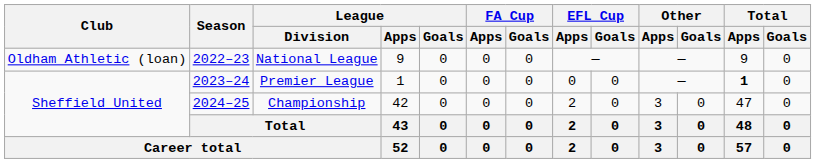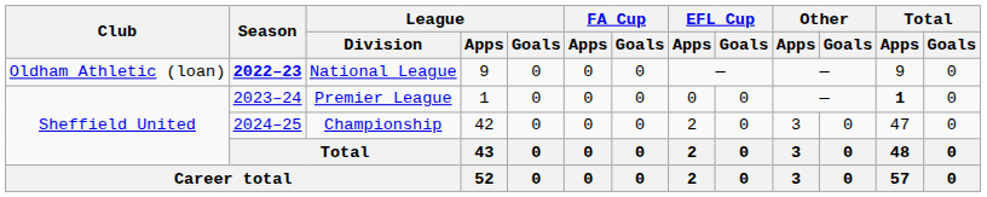 <table class=wikitable style=text-align:center>
 <tr>
 <th rowspan=2>Club</th>
 <th rowspan=2>Season</th>
 <th colspan=3>League</th>
 <th colspan=2><a href='#'>FA Cup</a></th>
 <th colspan=2><a href='#'>EFL Cup</a></th>
 <th colspan=2>Other</th>
 <th colspan=2>Total</th>
 </tr>
 <tr>
 <th>Division</th>
 <th>Apps</th>
 <th>Goals</th>
 <th>Apps</th>
 <th>Goals</th>
 <th>Apps</th>
 <th>Goals</th>
 <th>Apps</th>
 <th>Goals</th>
 <th>Apps</th>
 <th>Goals</th>
 </tr>
 <tr>
 <td><a href='#'>Oldham Athletic</a> (loan)</td>
-<td><a href='#'>2022–23</a></td>
+<td><strong><a href='#'>2022–23</a></strong></td>
 <td><a href='#'>National League</a></td>
 <td>9</td>
 <td>0</td>
 <td>0</td>
 <td>0</td>
 <td colspan=2>—</td>
 <td colspan=2>—</td>
 <td>9</td>
 <td>0</td>
 </tr>
 <tr>
 <td rowspan=3><a href='#'>Sheffield United</a></td>
 <td><a href='#'>2023–24</a></td>
 <td><a href='#'>Premier League</a></td>
 <td>1</td>
 <td>0</td>
 <td>0</td>
 <td>0</td>
 <td>0</td>
 <td>0</td>
 <td colspan=2>—</td>
 <td><strong>1</strong></td>
 <td>0</td>
 </tr>
 <tr>
 <td><a href='#'>2024–25</a></td>
 <td><a href='#'>Championship</a></td>
 <td>42</td>
 <td>0</td>
 <td>0</td>
 <td>0</td>
 <td>2</td>
 <td>0</td>
 <td>3</td>
 <td>0</td>
 <td>47</td>
 <td>0</td>
 </tr>
 <tr>
 <th colspan=2>Total</th>
 <th>43</th>
 <th>0</th>
 <th>0</th>
 <th>0</th>
 <th>2</th>
 <th>0</th>
 <th>3</th>
 <th>0</th>
 <th>48</th>
 <th>0</th>
 </tr>
 <tr>
 <th colspan=3>Career total</th>
 <th>52</th>
 <th>0</th>
 <th>0</th>
 <th>0</th>
 <th>2</th>
 <th>0</th>
 <th>3</th>
 <th>0</th>
 <th>57</th>
 <th>0</th>
 </tr>
 </table>
